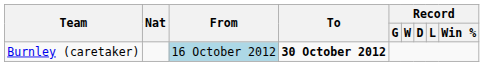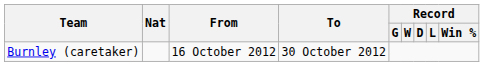 <table class="wikitable" style="text-align: center">
 <tr>
 <th rowspan="2">Team</th>
 <th rowspan="2">Nat</th>
 <th rowspan="2">From</th>
 <th rowspan="2">To</th>
 <th colspan="5">Record</th>
 </tr>
 <tr>
 <th>G</th>
 <th>W</th>
 <th>D</th>
 <th>L</th>
 <th>Win %</th>
 </tr>
 <tr>
 <td align=left><a href='#'>Burnley</a> (caretaker)</td>
 <td></td>
-<td align=left style="background: lightblue;">16 October 2012</td>
-<td align=left><strong>30 October 2012<br></strong></td>
+<td align=left>16 October 2012</td>
+<td align=left>30 October 2012<br></td>
 </tr>
 </table>
